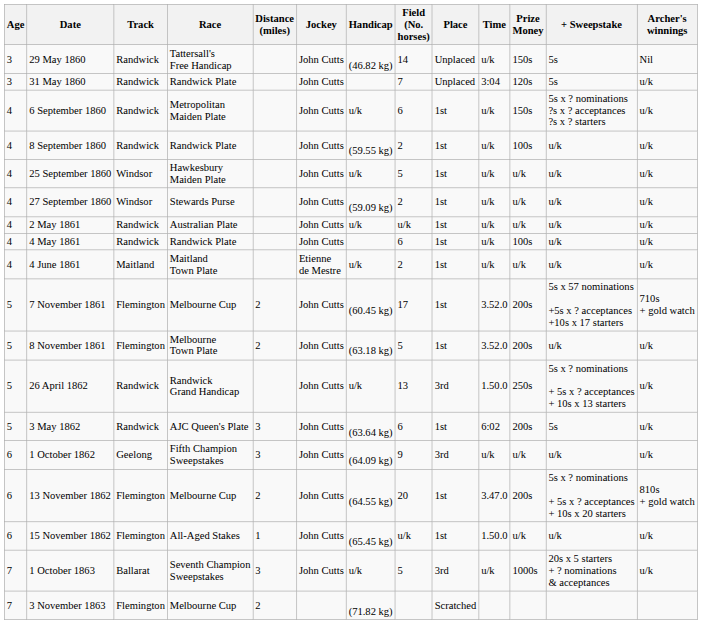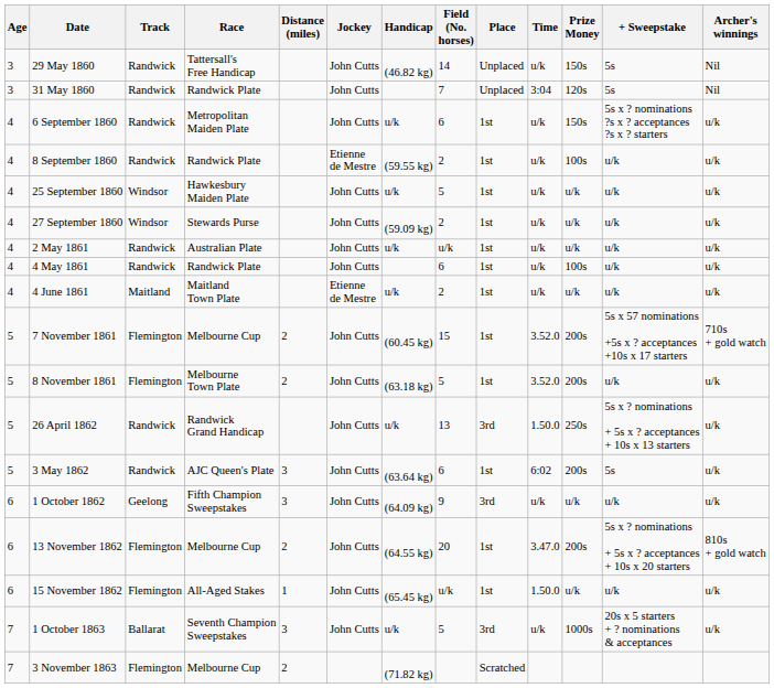 <table class="wikitable" border="1">
 <tr>
 <th>Age</th>
 <th>Date</th>
 <th>Track</th>
 <th>Race</th>
 <th>Distance<br>(miles)</th>
 <th>Jockey</th>
 <th>Handicap</th>
 <th>Field<br>(No.<br>horses)</th>
 <th>Place</th>
 <th>Time</th>
 <th>Prize<br>Money</th>
 <th>+ Sweepstake</th>
 <th>Archer's<br>winnings</th>
 </tr>
 <tr>
 <td>3</td>
 <td>29 May 1860</td>
 <td>Randwick</td>
 <td>Tattersall's <br>Free Handicap</td>
 <td></td>
 <td>John Cutts</td>
 <td> <br>(46.82 kg)</td>
 <td>14</td>
 <td>Unplaced</td>
 <td>u/k</td>
 <td>150s</td>
 <td>5s</td>
 <td>Nil</td>
 </tr>
 <tr>
 <td>3</td>
 <td>31 May 1860</td>
 <td>Randwick</td>
 <td>Randwick Plate</td>
 <td></td>
 <td>John Cutts</td>
 <td></td>
 <td>7</td>
 <td>Unplaced</td>
 <td>3:04</td>
 <td>120s</td>
 <td>5s</td>
-<td>u/k</td>
+<td>Nil</td>
 </tr>
 <tr>
 <td>4</td>
 <td>6 September 1860</td>
 <td>Randwick</td>
 <td>Metropolitan <br>Maiden Plate</td>
 <td></td>
 <td>John Cutts</td>
 <td>u/k</td>
 <td>6</td>
 <td>1st</td>
 <td>u/k</td>
 <td>150s</td>
 <td>5s x ? nominations<br>?s x ? acceptances<br>?s x ? starters</td>
 <td>u/k</td>
 </tr>
 <tr>
 <td>4</td>
 <td>8 September 1860</td>
 <td>Randwick</td>
 <td>Randwick Plate</td>
 <td></td>
-<td>John Cutts</td>
+<td>Etienne <br>de Mestre</td>
 <td> <br>(59.55 kg)</td>
 <td>2</td>
 <td>1st</td>
 <td>u/k</td>
 <td>100s</td>
 <td>u/k</td>
 <td>u/k</td>
 </tr>
 <tr>
 <td>4</td>
 <td>25 September 1860</td>
 <td>Windsor</td>
 <td>Hawkesbury <br>Maiden Plate</td>
 <td></td>
 <td>John Cutts</td>
 <td>u/k</td>
 <td>5</td>
 <td>1st</td>
 <td>u/k</td>
 <td>u/k</td>
 <td>u/k</td>
 <td>u/k</td>
 </tr>
 <tr>
 <td>4</td>
 <td>27 September 1860</td>
 <td>Windsor</td>
 <td>Stewards Purse</td>
 <td></td>
 <td>John Cutts</td>
 <td> <br>(59.09 kg)</td>
 <td>2</td>
 <td>1st</td>
 <td>u/k</td>
 <td>u/k</td>
 <td>u/k</td>
 <td>u/k</td>
 </tr>
 <tr>
 <td>4</td>
 <td>2 May 1861</td>
 <td>Randwick</td>
 <td>Australian Plate</td>
 <td></td>
 <td>John Cutts</td>
 <td>u/k</td>
 <td>u/k</td>
 <td>1st</td>
 <td>u/k</td>
 <td>u/k</td>
 <td>u/k</td>
 <td>u/k</td>
 </tr>
 <tr>
 <td>4</td>
 <td>4 May 1861</td>
 <td>Randwick</td>
 <td>Randwick Plate</td>
 <td></td>
 <td>John Cutts</td>
 <td></td>
 <td>6</td>
 <td>1st</td>
 <td>u/k</td>
 <td>100s</td>
 <td>u/k</td>
 <td>u/k</td>
 </tr>
 <tr>
 <td>4</td>
 <td>4 June 1861</td>
 <td>Maitland</td>
 <td>Maitland <br>Town Plate</td>
 <td></td>
 <td>Etienne <br>de Mestre</td>
 <td>u/k</td>
 <td>2</td>
 <td>1st</td>
 <td>u/k</td>
 <td>u/k</td>
 <td>u/k</td>
 <td>u/k</td>
 </tr>
 <tr>
 <td>5</td>
 <td>7 November 1861</td>
 <td>Flemington</td>
 <td>Melbourne Cup</td>
 <td>2</td>
 <td>John Cutts</td>
 <td> <br>(60.45 kg)</td>
-<td>17</td>
+<td>15</td>
 <td>1st</td>
 <td>3.52.0</td>
 <td>200s</td>
 <td>5s x 57 nominations<br><br>+5s x ? acceptances<br> +10s x 17 starters</td>
 <td>710s <br>+ gold watch</td>
 </tr>
 <tr>
 <td>5</td>
 <td>8 November 1861</td>
 <td>Flemington</td>
 <td>Melbourne <br>Town Plate</td>
 <td>2</td>
 <td>John Cutts</td>
 <td> <br>(63.18 kg)</td>
 <td>5</td>
 <td>1st</td>
 <td>3.52.0</td>
 <td>200s</td>
 <td>u/k</td>
 <td>u/k</td>
 </tr>
 <tr>
 <td>5</td>
 <td>26 April 1862</td>
 <td>Randwick</td>
 <td>Randwick <br>Grand Handicap</td>
 <td></td>
 <td>John Cutts</td>
 <td>u/k</td>
 <td>13</td>
 <td>3rd</td>
 <td>1.50.0</td>
 <td>250s</td>
 <td>5s x ? nominations<br><br>+ 5s x ? acceptances<br> + 10s x 13 starters</td>
 <td>u/k</td>
 </tr>
 <tr>
 <td>5</td>
 <td>3 May 1862</td>
 <td>Randwick</td>
 <td>AJC Queen's Plate</td>
 <td>3</td>
 <td>John Cutts</td>
 <td> <br>(63.64 kg)</td>
 <td>6</td>
 <td>1st</td>
 <td>6:02</td>
 <td>200s</td>
 <td>5s</td>
 <td>u/k</td>
 </tr>
 <tr>
 <td>6</td>
 <td>1 October 1862</td>
 <td>Geelong</td>
 <td>Fifth Champion <br>Sweepstakes</td>
 <td>3</td>
 <td>John Cutts</td>
 <td> <br>(64.09 kg)</td>
 <td>9</td>
 <td>3rd</td>
 <td>u/k</td>
 <td>u/k</td>
 <td>u/k</td>
 <td>u/k</td>
 </tr>
 <tr>
 <td>6</td>
 <td>13 November 1862</td>
 <td>Flemington</td>
 <td>Melbourne Cup</td>
 <td>2</td>
 <td>John Cutts</td>
 <td><br>(64.55 kg)</td>
 <td>20</td>
 <td>1st</td>
 <td>3.47.0</td>
 <td>200s</td>
 <td>5s x ? nominations<br><br>+ 5s x ? acceptances<br> + 10s x 20 starters</td>
 <td>810s <br>+ gold watch</td>
 </tr>
 <tr>
 <td>6</td>
 <td>15 November 1862</td>
 <td>Flemington</td>
 <td>All-Aged Stakes</td>
 <td>1</td>
 <td>John Cutts</td>
 <td><br>(65.45 kg)</td>
 <td>u/k</td>
 <td>1st</td>
 <td>1.50.0</td>
 <td>u/k</td>
 <td>u/k</td>
 <td>u/k</td>
 </tr>
 <tr>
 <td>7</td>
 <td>1 October 1863</td>
 <td>Ballarat</td>
 <td>Seventh Champion <br>Sweepstakes</td>
 <td>3</td>
 <td>John Cutts</td>
 <td>u/k</td>
 <td>5</td>
 <td>3rd</td>
 <td>u/k</td>
 <td>1000s</td>
 <td>20s x 5 starters<br>+ ? nominations<br>& acceptances</td>
 <td>u/k</td>
 </tr>
 <tr>
 <td>7</td>
 <td>3 November 1863</td>
 <td>Flemington</td>
 <td>Melbourne Cup</td>
 <td>2</td>
 <td></td>
 <td> <br>(71.82 kg)</td>
 <td></td>
 <td>Scratched</td>
 <td></td>
 <td></td>
 <td></td>
 </tr>
 </table>
